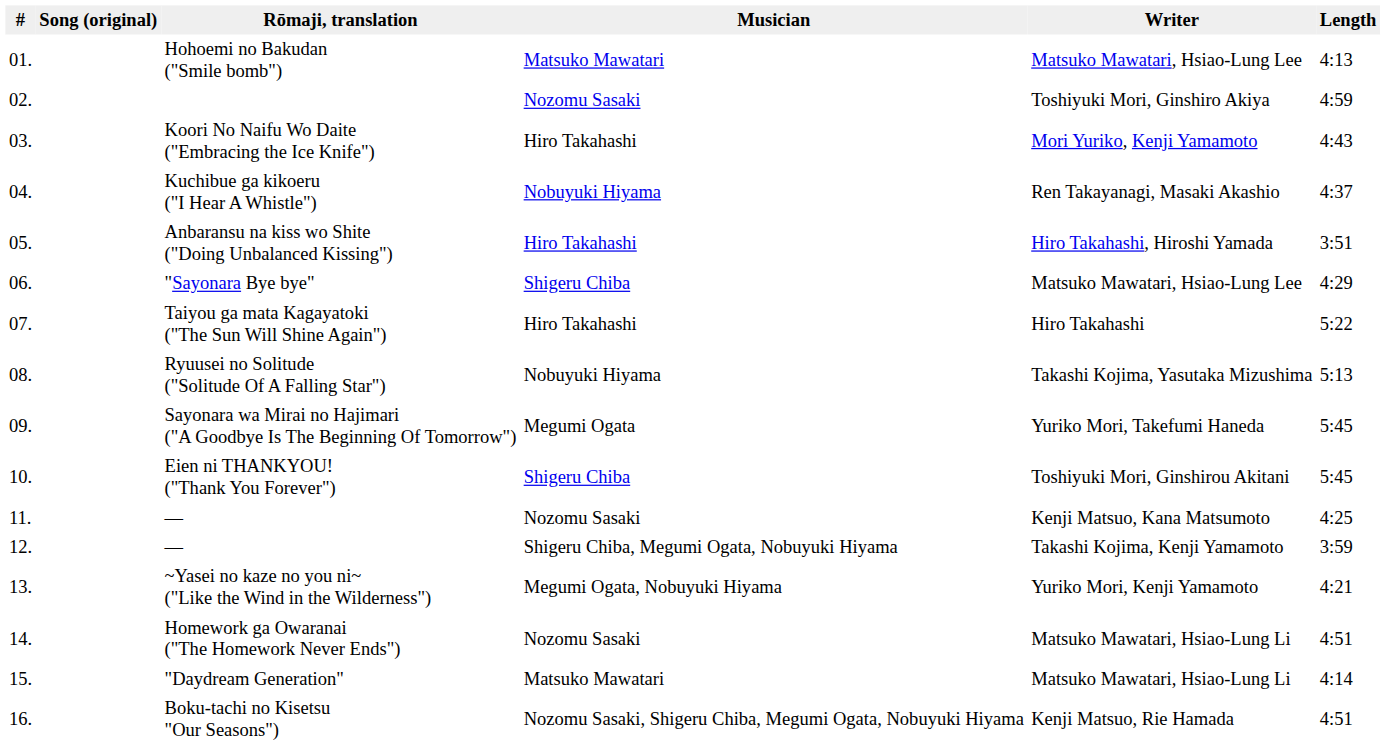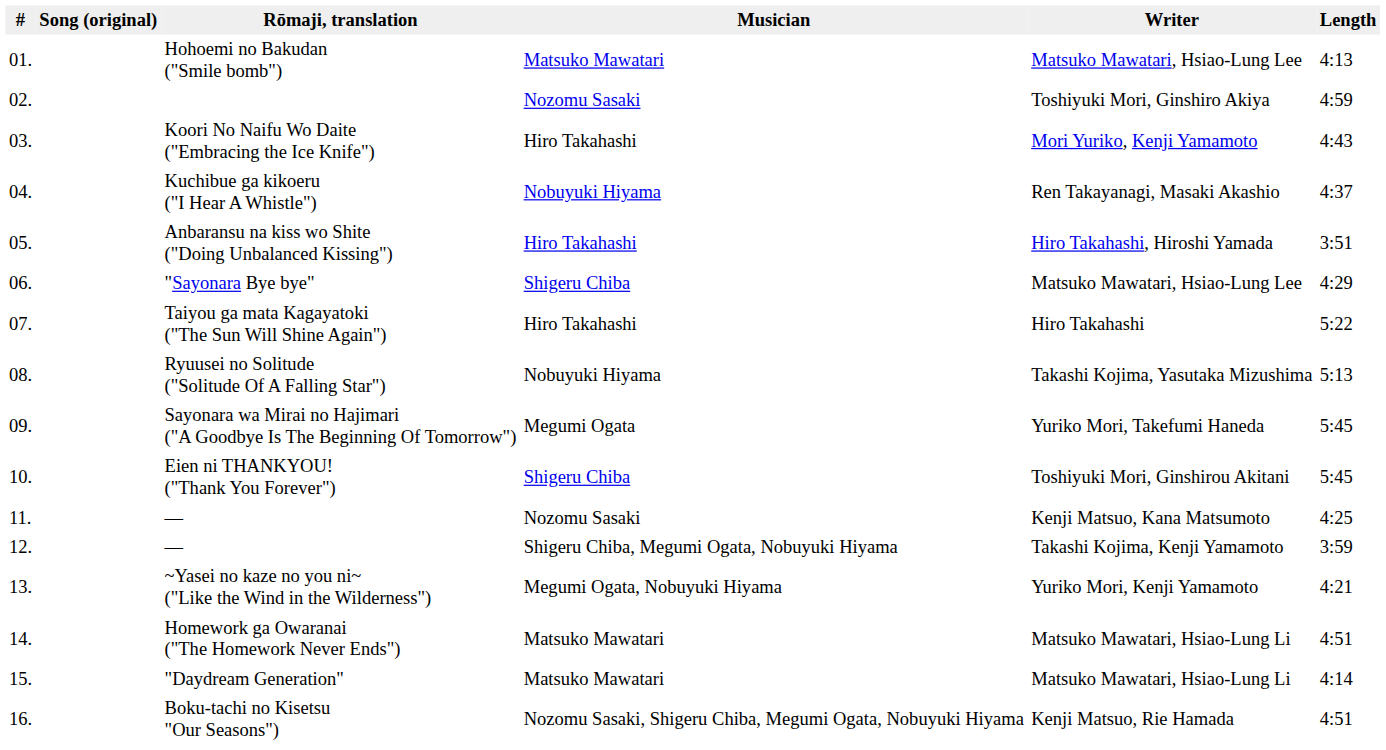 <table bgcolor="white" cellpadding="3" cellspacing="0" border="0" style="font-size: 95%; border: white solid 1px; border-collapse: collapse;">
 <tr bgcolor="#EFEFEF">
 <th>#</th>
 <th>Song (original)</th>
 <th>Rōmaji, translation</th>
 <th>Musician</th>
 <th>Writer</th>
 <th>Length</th>
 </tr>
 <tr style="font-family:Times New Roman,sans-serif">
 <td height=15>01.</td>
 <td height=15></td>
 <td height=15>Hohoemi no Bakudan<br> ("Smile bomb")</td>
 <td height=15><a href='#'>Matsuko Mawatari</a></td>
 <td height=15><a href='#'>Matsuko Mawatari</a>, Hsiao-Lung Lee</td>
 <td height=15>4:13</td>
 </tr>
 <tr style="font-family:Times New Roman,sans-serif">
 <td height=15>02.</td>
 <td height=15></td>
 <td height=15></td>
 <td height=15><a href='#'>Nozomu Sasaki</a></td>
 <td height=15>Toshiyuki Mori, Ginshiro Akiya</td>
 <td height=15>4:59</td>
 </tr>
 <tr style="font-family:Times New Roman,sans-serif">
 <td height=15>03.</td>
 <td height=15></td>
 <td height=15>Koori No Naifu Wo Daite<br>("Embracing the Ice Knife")</td>
 <td height=15>Hiro Takahashi</td>
 <td height=15><a href='#'>Mori Yuriko</a>, <a href='#'>Kenji Yamamoto</a></td>
 <td height=15>4:43</td>
 </tr>
 <tr style="font-family:Times New Roman,sans-serif">
 <td height=15>04.</td>
 <td height=15></td>
 <td height=15>Kuchibue ga kikoeru<br> ("I Hear A Whistle")</td>
 <td height=15><a href='#'>Nobuyuki Hiyama</a></td>
 <td height=15>Ren Takayanagi, Masaki Akashio</td>
 <td height=15>4:37</td>
 </tr>
 <tr style="font-family:Times New Roman,sans-serif">
 <td height=15>05.</td>
 <td height=15></td>
 <td height=15>Anbaransu na kiss wo Shite<br> ("Doing Unbalanced Kissing")</td>
 <td height=15><a href='#'>Hiro Takahashi</a></td>
 <td height=15><a href='#'>Hiro Takahashi</a>, Hiroshi Yamada</td>
 <td height=15>3:51</td>
 </tr>
 <tr style="font-family:Times New Roman,sans-serif">
 <td height=15>06.</td>
 <td height=15></td>
 <td height=15>"<a href='#'>Sayonara</a> Bye bye"</td>
 <td height=15><a href='#'>Shigeru Chiba</a></td>
 <td height=15>Matsuko Mawatari, Hsiao-Lung Lee</td>
 <td height=15>4:29</td>
 </tr>
 <tr style="font-family:Times New Roman,sans-serif">
 <td height=15>07.</td>
 <td height=15></td>
 <td height=15>Taiyou ga mata Kagayatoki<br>("The Sun Will Shine Again")</td>
 <td height=15>Hiro Takahashi</td>
 <td height=15>Hiro Takahashi</td>
 <td height=15>5:22</td>
 </tr>
 <tr style="font-family:Times New Roman,sans-serif">
 <td height=15>08.</td>
 <td height=15></td>
 <td height=15>Ryuusei no Solitude <br>("Solitude Of A Falling Star")</td>
 <td height=15>Nobuyuki Hiyama</td>
 <td height=15>Takashi Kojima, Yasutaka Mizushima</td>
 <td height=15>5:13</td>
 </tr>
 <tr style="font-family:Times New Roman,sans-serif">
 <td height=15>09.</td>
 <td height=15></td>
 <td height=15>Sayonara wa Mirai no Hajimari<br> ("A Goodbye Is The Beginning Of Tomorrow")</td>
 <td height=15>Megumi Ogata</td>
 <td height=15>Yuriko Mori, Takefumi Haneda</td>
 <td height=15>5:45</td>
 </tr>
 <tr style="font-family:Times New Roman,sans-serif">
 <td height=15>10.</td>
 <td height=15></td>
 <td height=15>Eien ni THANKYOU! <br> ("Thank You Forever")</td>
 <td height=15><a href='#'>Shigeru Chiba</a></td>
 <td height=15>Toshiyuki Mori, Ginshirou Akitani</td>
 <td height=15>5:45</td>
 </tr>
 <tr style="font-family:Times New Roman,sans-serif">
 <td height=15>11.</td>
 <td height=15></td>
 <td height=15>—</td>
 <td height=15>Nozomu Sasaki</td>
 <td height=15>Kenji Matsuo, Kana Matsumoto</td>
 <td height=15>4:25</td>
 </tr>
 <tr style="font-family:Times New Roman,sans-serif">
 <td height=15>12.</td>
 <td height=15></td>
 <td height=15>—</td>
 <td height=15>Shigeru Chiba, Megumi Ogata, Nobuyuki Hiyama</td>
 <td height=15>Takashi Kojima, Kenji Yamamoto</td>
 <td height=15>3:59</td>
 </tr>
 <tr style="font-family:Times New Roman,sans-serif">
 <td height=15>13.</td>
 <td height=15></td>
 <td height=15>~Yasei no kaze no you ni~ <br>("Like the Wind in the Wilderness")</td>
 <td height=15>Megumi Ogata, Nobuyuki Hiyama</td>
 <td height=15>Yuriko Mori, Kenji Yamamoto</td>
 <td height=15>4:21</td>
 </tr>
 <tr style="font-family:Times New Roman,sans-serif">
 <td height=15>14.</td>
 <td height=15></td>
 <td height=15>Homework ga Owaranai <br>("The Homework Never Ends")</td>
-<td height=15>Nozomu Sasaki</td>
+<td height=15>Matsuko Mawatari</td>
 <td height=15>Matsuko Mawatari, Hsiao-Lung Li</td>
 <td height=15>4:51</td>
 </tr>
 <tr style="font-family:Times New Roman,sans-serif">
 <td height=15>15.</td>
 <td height=15></td>
 <td height=15>"Daydream Generation"</td>
 <td height=15>Matsuko Mawatari</td>
 <td height=15>Matsuko Mawatari, Hsiao-Lung Li</td>
 <td height=15>4:14</td>
 </tr>
 <tr style="font-family:Times New Roman,sans-serif">
 <td height=15>16.</td>
 <td height=15></td>
 <td height=15>Boku-tachi no Kisetsu <br>"Our Seasons")</td>
 <td height=15>Nozomu Sasaki, Shigeru Chiba, Megumi Ogata, Nobuyuki Hiyama</td>
 <td height=15>Kenji Matsuo, Rie Hamada</td>
 <td height=15>4:51</td>
 </tr>
 </table>
